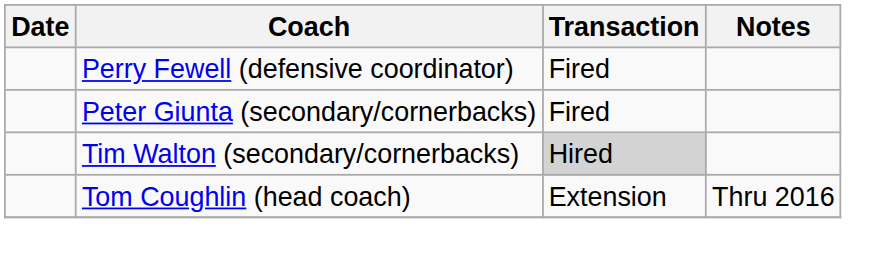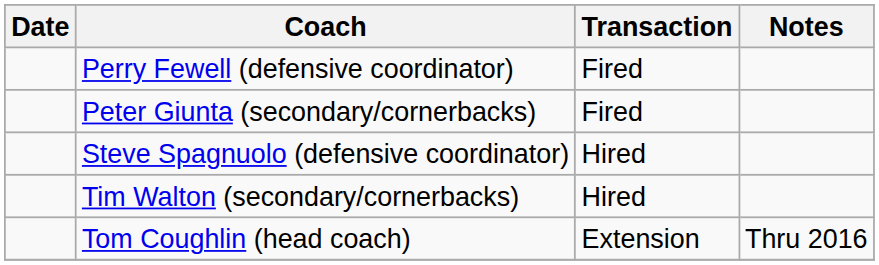 <table class="wikitable sortable" style="font-size: 95%;">
 <tr>
 <th>Date</th>
 <th>Coach</th>
 <th>Transaction</th>
 <th>Notes</th>
 </tr>
 <tr>
 <td></td>
 <td><a href='#'>Perry Fewell</a> (defensive coordinator)</td>
 <td>Fired</td>
 <td></td>
 </tr>
 <tr>
 <td></td>
 <td><a href='#'>Peter Giunta</a> (secondary/cornerbacks)</td>
 <td>Fired</td>
 <td></td>
 </tr>
 <tr>
 <td></td>
+<td><a href='#'>Steve Spagnuolo</a> (defensive coordinator)</td>
+<td>Hired</td>
+<td></td>
+</tr>
+<tr>
+<td></td>
 <td><a href='#'>Tim Walton</a> (secondary/cornerbacks)</td>
-<td style="background: lightgrey;">Hired</td>
+<td>Hired</td>
 <td></td>
 </tr>
 <tr>
 <td></td>
 <td><a href='#'>Tom Coughlin</a> (head coach)</td>
 <td>Extension</td>
 <td>Thru 2016</td>
 </tr>
 <tr>
 </tr>
 </table>
